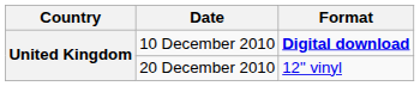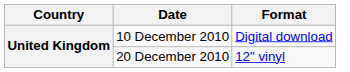 <table class="wikitable plainrowheaders">
 <tr>
 <th>Country</th>
 <th>Date</th>
 <th>Format</th>
 </tr>
 <tr>
 <th scope="row" rowspan="2">United Kingdom</th>
 <td>10 December 2010</td>
-<td><strong><a href='#'>Digital download</a></strong></td>
+<td><a href='#'>Digital download</a></td>
 </tr>
 <tr>
 <td>20 December 2010</td>
 <td><a href='#'>12" vinyl</a></td>
 </tr>
 </table>
